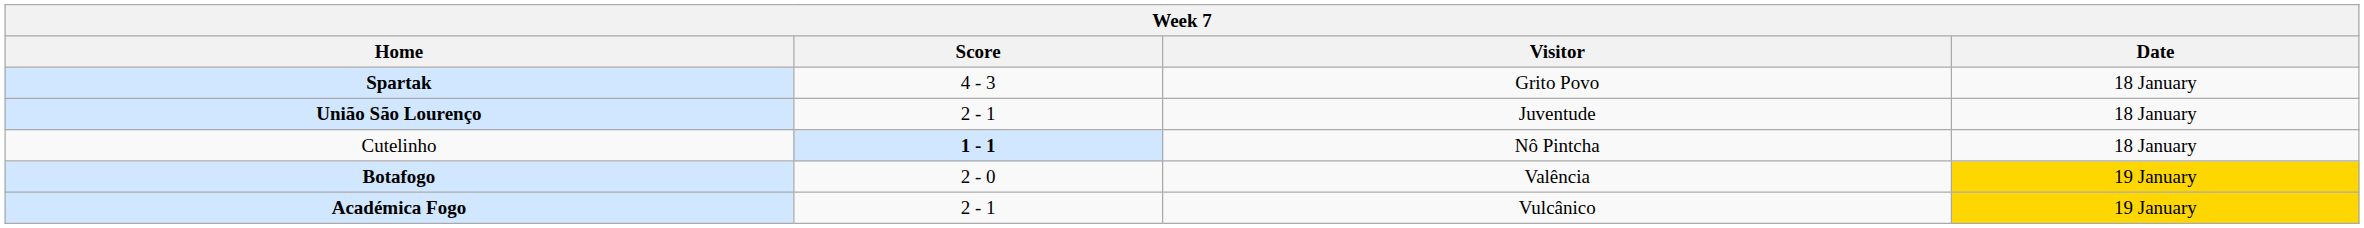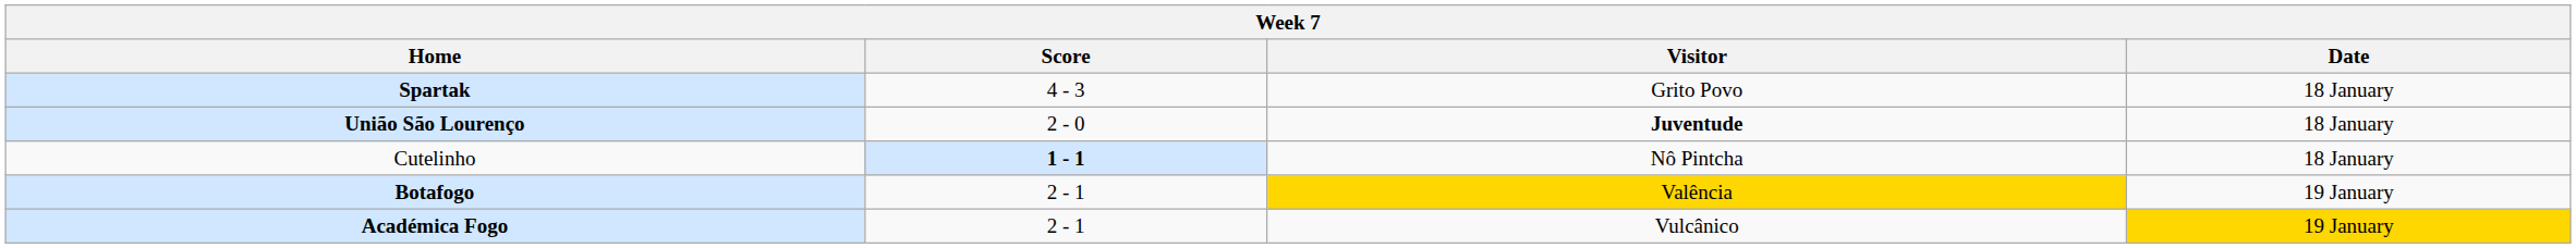 <table class="wikitable" style="margin:1em auto; font-size:95%; text-align: center; width: 95%;">
 <tr>
 <th colspan="12"  style="with:100%; text-align:center;">Week 7</th>
 </tr>
 <tr>
 <th style="width:200px;">Home</th>
 <th width="90">Score</th>
 <th style="width:200px;">Visitor</th>
 <th style="width:100px;">Date</th>
 </tr>
 <tr align=center>
 <td style="background:#d0e7ff;"><strong>Spartak</strong></td>
 <td>4 - 3</td>
 <td>Grito Povo</td>
 <td>18 January</td>
 </tr>
 <tr align=center>
 <td style="background:#d0e7ff;"><strong>União São Lourenço</strong></td>
-<td>2 - 1</td>
-<td>Juventude</td>
+<td>2 - 0</td>
+<td><strong>Juventude</strong></td>
 <td>18 January</td>
 </tr>
 <tr align=center>
 <td>Cutelinho</td>
 <td style="background:#d0e7ff;"><strong>1 - 1</strong></td>
 <td>Nô Pintcha</td>
 <td>18 January</td>
 </tr>
 <tr align=center>
 <td style="background:#d0e7ff;"><strong>Botafogo</strong></td>
-<td>2 - 0</td>
-<td>Valência</td>
-<td style="background: gold;">19 January</td>
+<td>2 - 1</td>
+<td style="background: gold;">Valência</td>
+<td>19 January</td>
 </tr>
 <tr align=center>
 <td style="background:#d0e7ff;"><strong>Académica Fogo</strong></td>
 <td>2 - 1</td>
 <td>Vulcânico</td>
 <td style="background: gold;">19 January</td>
 </tr>
 </table>
